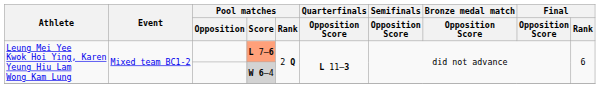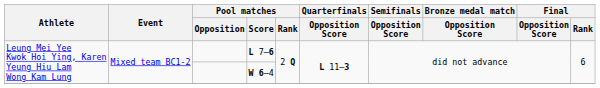 <table class=wikitable>
 <tr>
 <th rowspan="2">Athlete</th>
 <th rowspan="2">Event</th>
 <th colspan="3">Pool matches</th>
 <th>Quarterfinals</th>
 <th>Semifinals</th>
 <th>Bronze medal match</th>
 <th colspan=2>Final</th>
 </tr>
 <tr>
 <th>Opposition</th>
 <th>Score</th>
 <th>Rank</th>
 <th>Opposition<br>Score</th>
 <th>Opposition<br>Score</th>
 <th>Opposition<br>Score</th>
 <th>Opposition<br>Score</th>
 <th>Rank</th>
 </tr>
 <tr>
 <td rowspan="2"><a href='#'>Leung Mei Yee</a><br><a href='#'>Kwok Hoi Ying, Karen</a><br><a href='#'>Yeung Hiu Lam</a><br><a href='#'>Wong Kam Lung</a></td>
 <td rowspan="2"><a href='#'>Mixed team BC1-2</a></td>
 <td></td>
-<td style="background: lightsalmon;"><strong>L</strong> 7–<strong>6</strong></td>
+<td><strong>L</strong> 7–<strong>6</strong></td>
 <td align="center" rowspan="2">2 <strong>Q</strong></td>
 <td align="center" rowspan="2"><br><strong>L</strong> 11–<strong>3</strong></td>
 <td align="center" rowspan="2" colspan=3>did not advance</td>
 <td align="center" rowspan="2">6</td>
 </tr>
 <tr>
 <td></td>
-<td style="background: lightgrey;"><strong>W</strong> <strong>6</strong>–4</td>
+<td><strong>W</strong> <strong>6</strong>–4</td>
 </tr>
 <tr>
 </tr>
 </table>
